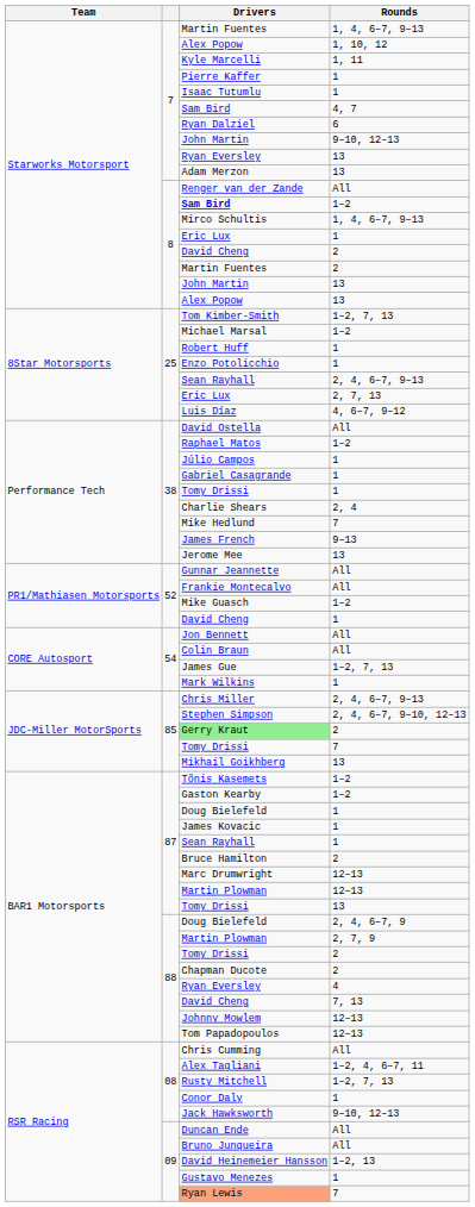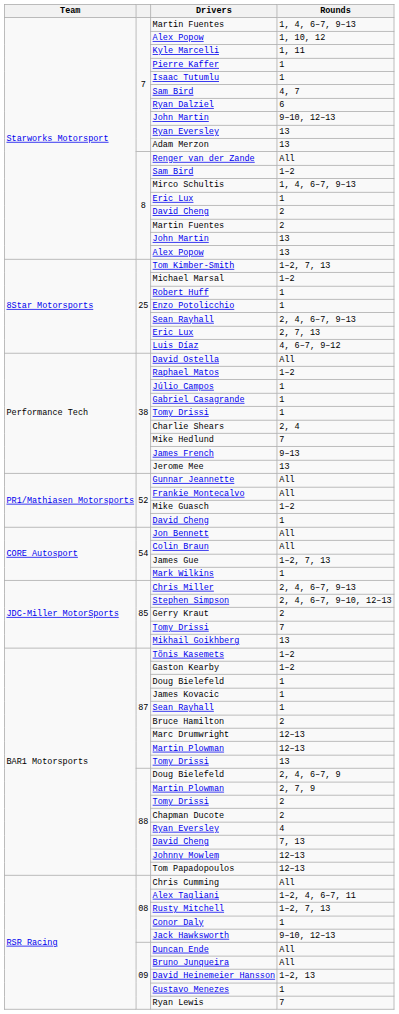 <table class="wikitable" style="font-size: 85%">
 <tr>
 <th>Team</th>
 <th></th>
 <th>Drivers</th>
 <th>Rounds</th>
 </tr>
 <tr>
 <td rowspan=18> <a href='#'>Starworks Motorsport</a></td>
 <td rowspan=10 align="center">7</td>
 <td> Martin Fuentes</td>
 <td>1, 4, 6–7, 9–13</td>
 </tr>
 <tr>
 <td> <a href='#'>Alex Popow</a></td>
 <td>1, 10, 12</td>
 </tr>
 <tr>
 <td> <a href='#'>Kyle Marcelli</a></td>
 <td>1, 11</td>
 </tr>
 <tr>
 <td> <a href='#'>Pierre Kaffer</a></td>
 <td>1</td>
 </tr>
 <tr>
 <td> <a href='#'>Isaac Tutumlu</a></td>
 <td>1</td>
 </tr>
 <tr>
 <td> <a href='#'>Sam Bird</a></td>
 <td>4, 7</td>
 </tr>
 <tr>
 <td> <a href='#'>Ryan Dalziel</a></td>
 <td>6</td>
 </tr>
 <tr>
 <td> <a href='#'>John Martin</a></td>
 <td>9–10, 12–13</td>
 </tr>
 <tr>
 <td> <a href='#'>Ryan Eversley</a></td>
 <td>13</td>
 </tr>
 <tr>
 <td> Adam Merzon</td>
 <td>13</td>
 </tr>
 <tr>
 <td rowspan=8 align="center">8</td>
 <td> <a href='#'>Renger van der Zande</a></td>
 <td>All</td>
 </tr>
 <tr>
-<td><strong> <a href='#'>Sam Bird</a></strong></td>
+<td> <a href='#'>Sam Bird</a></td>
 <td>1–2</td>
 </tr>
 <tr>
 <td> Mirco Schultis</td>
 <td>1, 4, 6–7, 9–13</td>
 </tr>
 <tr>
 <td> <a href='#'>Eric Lux</a></td>
 <td>1</td>
 </tr>
 <tr>
 <td> <a href='#'>David Cheng</a></td>
 <td>2</td>
 </tr>
 <tr>
 <td> Martin Fuentes</td>
 <td>2</td>
 </tr>
 <tr>
 <td> <a href='#'>John Martin</a></td>
 <td>13</td>
 </tr>
 <tr>
 <td> <a href='#'>Alex Popow</a></td>
 <td>13</td>
 </tr>
 <tr>
 <td rowspan=7> <a href='#'>8Star Motorsports</a></td>
 <td rowspan=7 align="center">25</td>
 <td> <a href='#'>Tom Kimber-Smith</a></td>
 <td>1–2, 7, 13</td>
 </tr>
 <tr>
 <td> Michael Marsal</td>
 <td>1–2</td>
 </tr>
 <tr>
 <td> <a href='#'>Robert Huff</a></td>
 <td>1</td>
 </tr>
 <tr>
 <td> <a href='#'>Enzo Potolicchio</a></td>
 <td>1</td>
 </tr>
 <tr>
 <td> <a href='#'>Sean Rayhall</a></td>
 <td>2, 4, 6–7, 9–13</td>
 </tr>
 <tr>
 <td> <a href='#'>Eric Lux</a></td>
 <td>2, 7, 13</td>
 </tr>
 <tr>
 <td> <a href='#'>Luis Díaz</a></td>
 <td>4, 6–7, 9–12</td>
 </tr>
 <tr>
 <td rowspan=9> Performance Tech</td>
 <td rowspan=9 align="center">38</td>
 <td> <a href='#'>David Ostella</a></td>
 <td>All</td>
 </tr>
 <tr>
 <td> <a href='#'>Raphael Matos</a></td>
 <td>1–2</td>
 </tr>
 <tr>
 <td> <a href='#'>Júlio Campos</a></td>
 <td>1</td>
 </tr>
 <tr>
 <td> <a href='#'>Gabriel Casagrande</a></td>
 <td>1</td>
 </tr>
 <tr>
 <td> <a href='#'>Tomy Drissi</a></td>
 <td>1</td>
 </tr>
 <tr>
 <td> Charlie Shears</td>
 <td>2, 4</td>
 </tr>
 <tr>
 <td> Mike Hedlund</td>
 <td>7</td>
 </tr>
 <tr>
 <td> <a href='#'>James French</a></td>
 <td>9–13</td>
 </tr>
 <tr>
 <td> Jerome Mee</td>
 <td>13</td>
 </tr>
 <tr>
 <td rowspan=4> <a href='#'>PR1/Mathiasen Motorsports</a></td>
 <td rowspan=4 align="center">52</td>
 <td> <a href='#'>Gunnar Jeannette</a></td>
 <td>All</td>
 </tr>
 <tr>
 <td> <a href='#'>Frankie Montecalvo</a></td>
 <td>All</td>
 </tr>
 <tr>
 <td> Mike Guasch</td>
 <td>1–2</td>
 </tr>
 <tr>
 <td> <a href='#'>David Cheng</a></td>
 <td>1</td>
 </tr>
 <tr>
 <td rowspan=4> <a href='#'>CORE Autosport</a></td>
 <td rowspan=4 align="center">54</td>
 <td> <a href='#'>Jon Bennett</a></td>
 <td>All</td>
 </tr>
 <tr>
 <td> <a href='#'>Colin Braun</a></td>
 <td>All</td>
 </tr>
 <tr>
 <td> James Gue</td>
 <td>1–2, 7, 13</td>
 </tr>
 <tr>
 <td> <a href='#'>Mark Wilkins</a></td>
 <td>1</td>
 </tr>
 <tr>
 <td rowspan=5> <a href='#'>JDC-Miller MotorSports</a></td>
 <td rowspan=5 align="center">85</td>
 <td> <a href='#'>Chris Miller</a></td>
 <td>2, 4, 6–7, 9–13</td>
 </tr>
 <tr>
 <td> <a href='#'>Stephen Simpson</a></td>
 <td>2, 4, 6–7, 9–10, 12–13</td>
 </tr>
 <tr>
-<td style="background: lightgreen;"> Gerry Kraut</td>
+<td> Gerry Kraut</td>
 <td>2</td>
 </tr>
 <tr>
 <td> <a href='#'>Tomy Drissi</a></td>
 <td>7</td>
 </tr>
 <tr>
 <td> <a href='#'>Mikhail Goikhberg</a></td>
 <td>13</td>
 </tr>
 <tr>
 <td rowspan=17> BAR1 Motorsports</td>
 <td rowspan=9 align="center">87</td>
 <td> <a href='#'>Tõnis Kasemets</a></td>
 <td>1–2</td>
 </tr>
 <tr>
 <td> Gaston Kearby</td>
 <td>1–2</td>
 </tr>
 <tr>
 <td> Doug Bielefeld</td>
 <td>1</td>
 </tr>
 <tr>
 <td> James Kovacic</td>
 <td>1</td>
 </tr>
 <tr>
 <td> <a href='#'>Sean Rayhall</a></td>
 <td>1</td>
 </tr>
 <tr>
 <td> Bruce Hamilton</td>
 <td>2</td>
 </tr>
 <tr>
 <td> Marc Drumwright</td>
 <td>12–13</td>
 </tr>
 <tr>
 <td> <a href='#'>Martin Plowman</a></td>
 <td>12–13</td>
 </tr>
 <tr>
 <td> <a href='#'>Tomy Drissi</a></td>
 <td>13</td>
 </tr>
 <tr>
 <td rowspan=8 align="center">88</td>
 <td> Doug Bielefeld</td>
 <td>2, 4, 6–7, 9</td>
 </tr>
 <tr>
 <td> <a href='#'>Martin Plowman</a></td>
 <td>2, 7, 9</td>
 </tr>
 <tr>
 <td> <a href='#'>Tomy Drissi</a></td>
 <td>2</td>
 </tr>
 <tr>
 <td> Chapman Ducote</td>
 <td>2</td>
 </tr>
 <tr>
 <td> <a href='#'>Ryan Eversley</a></td>
 <td>4</td>
 </tr>
 <tr>
 <td> <a href='#'>David Cheng</a></td>
 <td>7, 13</td>
 </tr>
 <tr>
 <td> <a href='#'>Johnny Mowlem</a></td>
 <td>12–13</td>
 </tr>
 <tr>
 <td> Tom Papadopoulos</td>
 <td>12–13</td>
 </tr>
 <tr>
 <td rowspan=10> <a href='#'>RSR Racing</a></td>
 <td rowspan=5 align="center">08</td>
 <td> Chris Cumming</td>
 <td>All</td>
 </tr>
 <tr>
 <td> <a href='#'>Alex Tagliani</a></td>
 <td>1–2, 4, 6–7, 11</td>
 </tr>
 <tr>
 <td> <a href='#'>Rusty Mitchell</a></td>
 <td>1–2, 7, 13</td>
 </tr>
 <tr>
 <td> <a href='#'>Conor Daly</a></td>
 <td>1</td>
 </tr>
 <tr>
 <td> <a href='#'>Jack Hawksworth</a></td>
 <td>9–10, 12–13</td>
 </tr>
 <tr>
 <td rowspan=5 align="center">09</td>
 <td> <a href='#'>Duncan Ende</a></td>
 <td>All</td>
 </tr>
 <tr>
 <td> <a href='#'>Bruno Junqueira</a></td>
 <td>All</td>
 </tr>
 <tr>
 <td> <a href='#'>David Heinemeier Hansson</a></td>
 <td>1–2, 13</td>
 </tr>
 <tr>
 <td> <a href='#'>Gustavo Menezes</a></td>
 <td>1</td>
 </tr>
 <tr>
-<td style="background: lightsalmon;"> Ryan Lewis</td>
+<td> Ryan Lewis</td>
 <td>7</td>
 </tr>
 </table>
